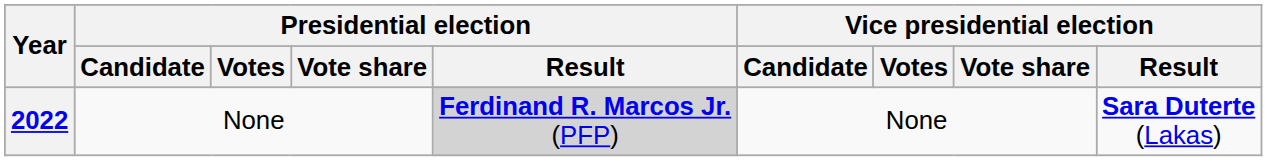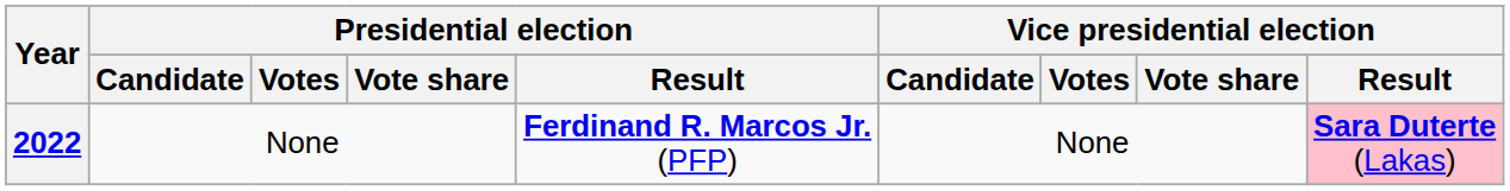 <table class="wikitable" style="text-align:center; font-size:90%">
 <tr>
 <th rowspan="2">Year</th>
 <th colspan="4">Presidential election</th>
 <th colspan="4">Vice presidential election</th>
 </tr>
 <tr>
 <th>Candidate</th>
 <th>Votes</th>
 <th>Vote share</th>
 <th>Result</th>
 <th>Candidate</th>
 <th>Votes</th>
 <th>Vote share</th>
 <th>Result</th>
 </tr>
 <tr>
 <th><a href='#'>2022</a></th>
 <td colspan="3">None</td>
-<td style="background: lightgrey;"><strong><a href='#'>Ferdinand R. Marcos Jr.</a></strong> <br> (<a href='#'>PFP</a>)</td>
+<td><strong><a href='#'>Ferdinand R. Marcos Jr.</a></strong> <br> (<a href='#'>PFP</a>)</td>
 <td colspan="3">None</td>
-<td><strong><a href='#'>Sara Duterte</a></strong> <br> (<a href='#'>Lakas</a>)</td>
+<td style="background: pink;"><strong><a href='#'>Sara Duterte</a></strong> <br> (<a href='#'>Lakas</a>)</td>
 </tr>
 </table>
